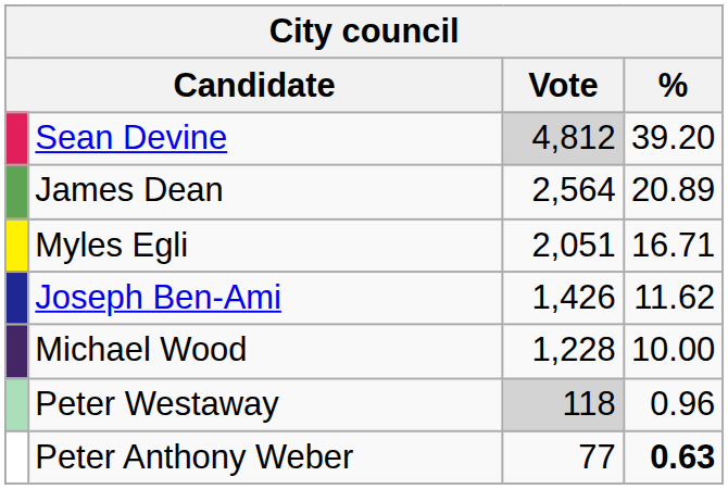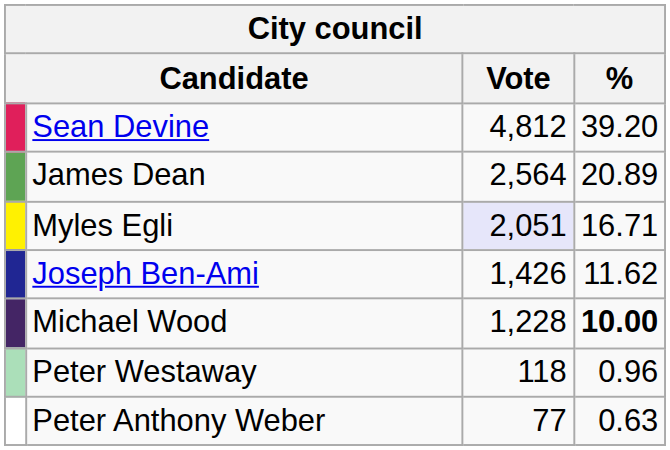 <table class="wikitable">
 <tr>
 <th colspan="4">City council</th>
 </tr>
 <tr>
 <th bgcolor="#DDDDFF" width="230px" colspan="2">Candidate</th>
 <th bgcolor="#DDDDFF" width="50px">Vote</th>
 <th bgcolor="#DDDDFF" width="30px">%</th>
 </tr>
 <tr>
 <td style="background-color:#E01F5B;"></td>
 <td style="text-align:left;"><a href='#'>Sean Devine</a></td>
-<td style="background: lightgrey; text-align:right;">4,812</td>
+<td style="text-align:right;">4,812</td>
 <td style="text-align:right;">39.20</td>
 </tr>
 <tr>
 <td style="background-color:#5EA454;"></td>
 <td style="text-align:left;">James Dean</td>
 <td style="text-align:right;">2,564</td>
 <td style="text-align:right;">20.89</td>
 </tr>
 <tr>
 <td style="background-color:#FFF101;"></td>
 <td style="text-align:left;">Myles Egli</td>
-<td style="text-align:right;">2,051</td>
+<td style="background: lavender; text-align:right;">2,051</td>
 <td style="text-align:right;">16.71</td>
 </tr>
 <tr>
 <td style="background-color:#202693;"></td>
 <td style="text-align:left;"><a href='#'>Joseph Ben-Ami</a></td>
 <td style="text-align:right;">1,426</td>
 <td style="text-align:right;">11.62</td>
 </tr>
 <tr>
 <td style="background-color:#442565;"></td>
 <td style="text-align:left;">Michael Wood</td>
 <td style="text-align:right;">1,228</td>
-<td style="text-align:right;">10.00</td>
+<td style="text-align:right;"><strong>10.00</strong></td>
 </tr>
 <tr>
 <td style="background-color:#abdfb9;"></td>
 <td style="text-align:left;">Peter Westaway</td>
-<td style="background: lightgrey; text-align:right;">118</td>
+<td style="text-align:right;">118</td>
 <td style="text-align:right;">0.96</td>
 </tr>
 <tr>
 <td style="background-color:#FFFFFF;"></td>
 <td style="text-align:left;">Peter Anthony Weber</td>
 <td style="text-align:right;">77</td>
-<td style="text-align:right;"><strong>0.63</strong></td>
+<td style="text-align:right;">0.63</td>
 </tr>
 </table>
